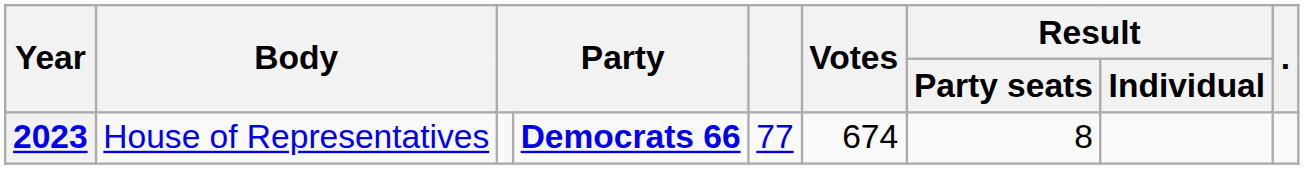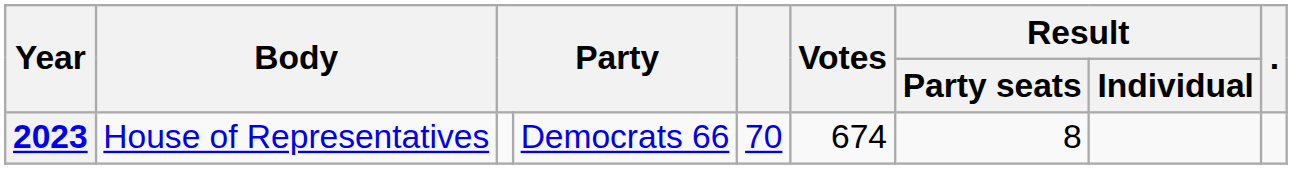 <table class="wikitable plainrowheaders sortable" border=2 cellpadding=4 cellspacing=0 style="border: 1px #aaa solid; font-size: 90%; text-align:center;">
 <tr>
 <th scope="col" rowspan=2>Year</th>
 <th scope="col" rowspan=2>Body</th>
 <th scope="col" colspan=2 rowspan=2>Party</th>
 <th scope="col" rowspan=2></th>
 <th scope="col" rowspan=2>Votes</th>
 <th scope="colgroup" colspan=2>Result</th>
 <th scope="col" rowspan=2 class="unsortable">.</th>
 </tr>
 <tr>
 <th scope="col">Party seats</th>
 <th scope="col">Individual</th>
 </tr>
 <tr>
 <th scope="row"><a href='#'>2023</a></th>
 <td><a href='#'>House of Representatives</a></td>
 <td style="background-color:"></td>
-<td><strong><a href='#'>Democrats 66</a></strong></td>
-<td style=text-align:right><a href='#'>77</a></td>
+<td><a href='#'>Democrats 66</a></td>
+<td style=text-align:right><a href='#'>70</a></td>
 <td style=text-align:right>674</td>
 <td style=text-align:right>8</td>
 <td></td>
 <td></td>
 </tr>
 </table>
